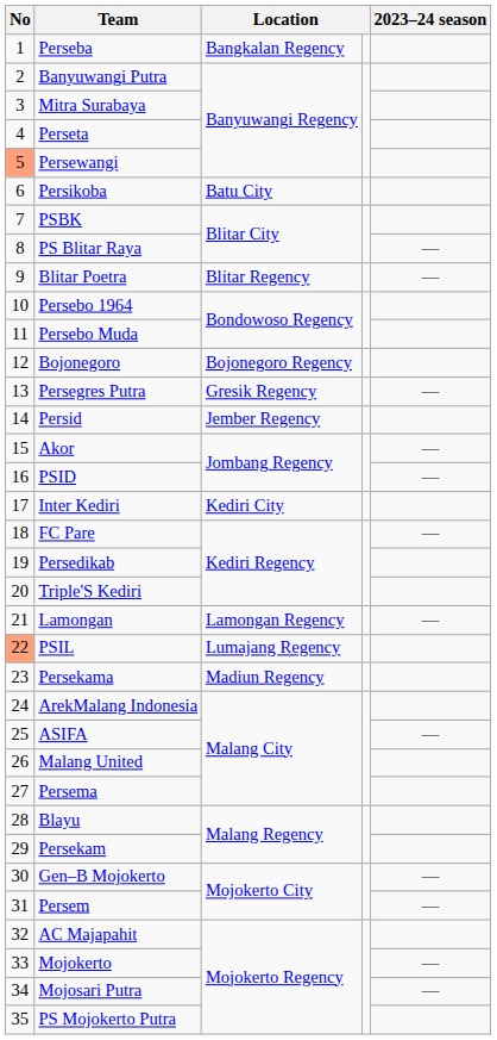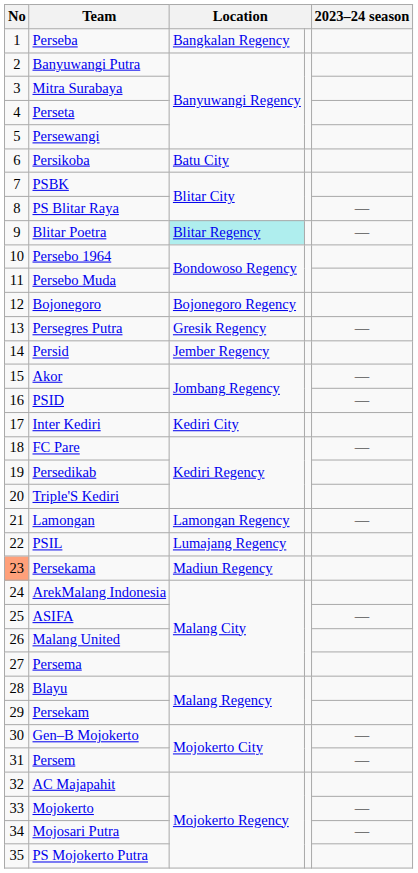 <table class="wikitable sortable" style="font-size:90%;">
 <tr>
 <th>No</th>
 <th>Team</th>
 <th colspan="2">Location</th>
 <th>2023–24 season</th>
 </tr>
 <tr>
 <td align="center">1</td>
 <td><a href='#'>Perseba</a></td>
 <td><a href='#'>Bangkalan Regency</a></td>
 <td></td>
 <td align=center></td>
 </tr>
 <tr>
 <td align="center">2</td>
 <td><a href='#'>Banyuwangi Putra</a></td>
 <td rowspan="4"><a href='#'>Banyuwangi Regency</a></td>
 <td rowspan="4"></td>
 <td align=center></td>
 </tr>
 <tr>
 <td align="center">3</td>
 <td><a href='#'>Mitra Surabaya</a></td>
 <td align=center></td>
 </tr>
 <tr>
 <td align="center">4</td>
 <td><a href='#'>Perseta</a></td>
 <td align=center></td>
 </tr>
 <tr>
-<td align="center" style="background: lightsalmon;">5</td>
+<td align="center">5</td>
 <td><a href='#'>Persewangi</a></td>
 <td align=center></td>
 </tr>
 <tr>
 <td align="center">6</td>
 <td><a href='#'>Persikoba</a></td>
 <td><a href='#'>Batu City</a></td>
 <td></td>
 <td align=center></td>
 </tr>
 <tr>
 <td align="center">7</td>
 <td><a href='#'>PSBK</a></td>
 <td rowspan="2"><a href='#'>Blitar City</a></td>
 <td rowspan="2"></td>
 <td align=center></td>
 </tr>
 <tr>
 <td align="center">8</td>
 <td><a href='#'>PS Blitar Raya</a></td>
 <td align=center>—</td>
 </tr>
 <tr>
 <td align="center">9</td>
 <td><a href='#'>Blitar Poetra</a></td>
-<td><a href='#'>Blitar Regency</a></td>
+<td style="background: paleturquoise;"><a href='#'>Blitar Regency</a></td>
 <td></td>
 <td align=center>—</td>
 </tr>
 <tr>
 <td align="center">10</td>
 <td><a href='#'>Persebo 1964</a></td>
 <td rowspan="2"><a href='#'>Bondowoso Regency</a></td>
 <td rowspan="2"></td>
 <td align=center></td>
 </tr>
 <tr>
 <td align="center">11</td>
 <td><a href='#'>Persebo Muda</a></td>
 <td align=center></td>
 </tr>
 <tr>
 <td align="center">12</td>
 <td><a href='#'>Bojonegoro</a></td>
 <td><a href='#'>Bojonegoro Regency</a></td>
 <td></td>
 <td align=center></td>
 </tr>
 <tr>
 <td align="center">13</td>
 <td><a href='#'>Persegres Putra</a></td>
 <td><a href='#'>Gresik Regency</a></td>
 <td></td>
 <td align=center>—</td>
 </tr>
 <tr>
 <td align="center">14</td>
 <td><a href='#'>Persid</a></td>
 <td><a href='#'>Jember Regency</a></td>
 <td></td>
 <td align=center></td>
 </tr>
 <tr>
 <td align="center">15</td>
 <td><a href='#'>Akor</a></td>
 <td rowspan="2"><a href='#'>Jombang Regency</a></td>
 <td rowspan="2"></td>
 <td align=center>—</td>
 </tr>
 <tr>
 <td align="center">16</td>
 <td><a href='#'>PSID</a></td>
 <td align=center>—</td>
 </tr>
 <tr>
 <td align="center">17</td>
 <td><a href='#'>Inter Kediri</a></td>
 <td><a href='#'>Kediri City</a></td>
 <td></td>
 <td align=center></td>
 </tr>
 <tr>
 <td align="center">18</td>
 <td><a href='#'>FC Pare</a></td>
 <td rowspan="3"><a href='#'>Kediri Regency</a></td>
 <td rowspan="3"></td>
 <td align=center>—</td>
 </tr>
 <tr>
 <td align="center">19</td>
 <td><a href='#'>Persedikab</a></td>
 <td align=center></td>
 </tr>
 <tr>
 <td align="center">20</td>
 <td><a href='#'>Triple'S Kediri</a></td>
 <td align=center></td>
 </tr>
 <tr>
 <td align="center">21</td>
 <td><a href='#'>Lamongan</a></td>
 <td><a href='#'>Lamongan Regency</a></td>
 <td></td>
 <td align=center>—</td>
 </tr>
 <tr>
-<td align="center" style="background: lightsalmon;">22</td>
+<td align="center">22</td>
 <td><a href='#'>PSIL</a></td>
 <td><a href='#'>Lumajang Regency</a></td>
 <td></td>
 <td align=center></td>
 </tr>
 <tr>
-<td align="center">23</td>
+<td align="center" style="background: lightsalmon;">23</td>
 <td><a href='#'>Persekama</a></td>
 <td><a href='#'>Madiun Regency</a></td>
 <td></td>
 <td align=center></td>
 </tr>
 <tr>
 <td align="center">24</td>
 <td><a href='#'>ArekMalang Indonesia</a></td>
 <td rowspan="4"><a href='#'>Malang City</a></td>
 <td rowspan="4"></td>
 <td align=center></td>
 </tr>
 <tr>
 <td align="center">25</td>
 <td><a href='#'>ASIFA</a></td>
 <td align=center>—</td>
 </tr>
 <tr>
 <td align="center">26</td>
 <td><a href='#'>Malang United</a></td>
 <td align=center></td>
 </tr>
 <tr>
 <td align="center">27</td>
 <td><a href='#'>Persema</a></td>
 <td align=center></td>
 </tr>
 <tr>
 <td align="center">28</td>
 <td><a href='#'>Blayu</a></td>
 <td rowspan="2"><a href='#'>Malang Regency</a></td>
 <td rowspan="2"></td>
 <td align=center></td>
 </tr>
 <tr>
 <td align="center">29</td>
 <td><a href='#'>Persekam</a></td>
 <td align=center></td>
 </tr>
 <tr>
 <td align="center">30</td>
 <td><a href='#'>Gen–B Mojokerto</a></td>
 <td rowspan="2"><a href='#'>Mojokerto City</a></td>
 <td rowspan="2"></td>
 <td align=center>—</td>
 </tr>
 <tr>
 <td align="center">31</td>
 <td><a href='#'>Persem</a></td>
 <td align=center>—</td>
 </tr>
 <tr>
 <td align="center">32</td>
 <td><a href='#'>AC Majapahit</a></td>
 <td rowspan="4"><a href='#'>Mojokerto Regency</a></td>
 <td rowspan="4"></td>
 <td align=center></td>
 </tr>
 <tr>
 <td align="center">33</td>
 <td><a href='#'>Mojokerto</a></td>
 <td align=center>—</td>
 </tr>
 <tr>
 <td align="center">34</td>
 <td><a href='#'>Mojosari Putra</a></td>
 <td align=center>—</td>
 </tr>
 <tr>
 <td align="center">35</td>
 <td><a href='#'>PS Mojokerto Putra</a></td>
 <td align=center></td>
 </tr>
 </table>
